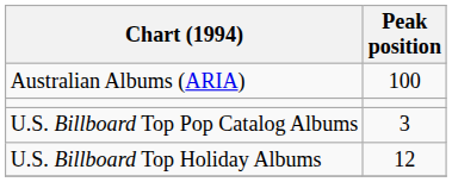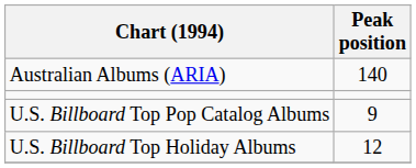 <table class="wikitable">
 <tr>
 <th align="left">Chart (1994)</th>
 <th align="center">Peak<br>position</th>
 </tr>
 <tr>
 <td>Australian Albums (<a href='#'>ARIA</a>)</td>
-<td align="center">100</td>
+<td align="center">140</td>
 </tr>
 <tr>
 <td></td>
 </tr>
 <tr>
 <td align="left">U.S. <em>Billboard</em> Top Pop Catalog Albums</td>
-<td align="center">3</td>
+<td align="center">9</td>
 </tr>
 <tr>
 <td align="left">U.S. <em>Billboard</em> Top Holiday Albums</td>
 <td align="center">12</td>
 </tr>
 <tr>
 </tr>
 </table>
